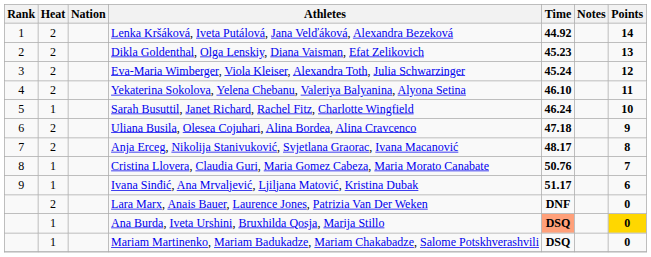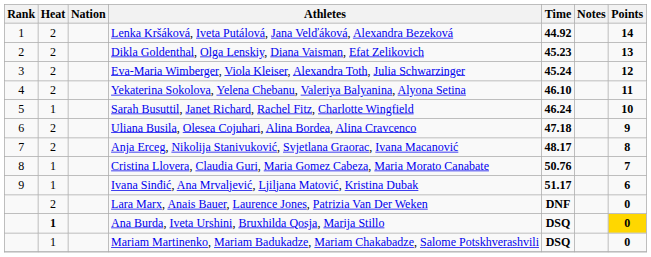 <table class="wikitable sortable" style="text-align:center">
 <tr>
 <th>Rank</th>
 <th>Heat</th>
 <th>Nation</th>
 <th>Athletes</th>
 <th>Time</th>
 <th>Notes</th>
 <th>Points</th>
 </tr>
 <tr>
 <td>1</td>
 <td>2</td>
 <td align=left></td>
 <td align=left><a href='#'>Lenka Kršáková</a>, <a href='#'>Iveta Putálová</a>, <a href='#'>Jana Velďáková</a>, <a href='#'>Alexandra Bezeková</a></td>
 <td><strong>44.92</strong></td>
 <td></td>
 <td><strong>14</strong></td>
 </tr>
 <tr>
 <td>2</td>
 <td>2</td>
 <td align=left></td>
 <td align=left><a href='#'>Dikla Goldenthal</a>, <a href='#'>Olga Lenskiy</a>, <a href='#'>Diana Vaisman</a>, <a href='#'>Efat Zelikovich</a></td>
 <td><strong>45.23</strong></td>
 <td></td>
 <td><strong>13</strong></td>
 </tr>
 <tr>
 <td>3</td>
 <td>2</td>
 <td align=left></td>
 <td align=left><a href='#'>Eva-Maria Wimberger</a>, <a href='#'>Viola Kleiser</a>, <a href='#'>Alexandra Toth</a>, <a href='#'>Julia Schwarzinger</a></td>
 <td><strong>45.24</strong></td>
 <td></td>
 <td><strong>12</strong></td>
 </tr>
 <tr>
 <td>4</td>
 <td>2</td>
 <td align=left></td>
 <td align=left><a href='#'>Yekaterina Sokolova</a>, <a href='#'>Yelena Chebanu</a>, <a href='#'>Valeriya Balyanina</a>, <a href='#'>Alyona Setina</a></td>
 <td><strong>46.10</strong></td>
 <td></td>
 <td><strong>11</strong></td>
 </tr>
 <tr>
 <td>5</td>
 <td>1</td>
 <td align=left></td>
 <td align=left><a href='#'>Sarah Busuttil</a>, <a href='#'>Janet Richard</a>, <a href='#'>Rachel Fitz</a>, <a href='#'>Charlotte Wingfield</a></td>
 <td><strong>46.24</strong></td>
 <td></td>
 <td><strong>10</strong></td>
 </tr>
 <tr>
 <td>6</td>
 <td>2</td>
 <td align=left></td>
 <td align=left><a href='#'>Uliana Busila</a>, <a href='#'>Olesea Cojuhari</a>, <a href='#'>Alina Bordea</a>, <a href='#'>Alina Cravcenco</a></td>
 <td><strong>47.18</strong></td>
 <td></td>
 <td><strong>9</strong></td>
 </tr>
 <tr>
 <td>7</td>
 <td>2</td>
 <td align=left></td>
 <td align=left><a href='#'>Anja Erceg</a>, <a href='#'>Nikolija Stanivuković</a>, <a href='#'>Svjetlana Graorac</a>, <a href='#'>Ivana Macanović</a></td>
 <td><strong>48.17</strong></td>
 <td></td>
 <td><strong>8</strong></td>
 </tr>
 <tr>
 <td>8</td>
 <td>1</td>
 <td align=left></td>
 <td align=left><a href='#'>Cristina Llovera</a>, <a href='#'>Claudia Guri</a>, <a href='#'>Maria Gomez Cabeza</a>, <a href='#'>Maria Morato Canabate</a></td>
 <td><strong>50.76</strong></td>
 <td></td>
 <td><strong>7</strong></td>
 </tr>
 <tr>
 <td>9</td>
 <td>1</td>
 <td align=left></td>
 <td align=left><a href='#'>Ivana Sinđić</a>, <a href='#'>Ana Mrvaljević</a>, <a href='#'>Ljiljana Matović</a>, <a href='#'>Kristina Dubak</a></td>
 <td><strong>51.17</strong></td>
 <td></td>
 <td><strong>6</strong></td>
 </tr>
 <tr>
 <td></td>
 <td>2</td>
 <td align=left></td>
 <td align=left><a href='#'>Lara Marx</a>, <a href='#'>Anais Bauer</a>, <a href='#'>Laurence Jones</a>, <a href='#'>Patrizia Van Der Weken</a></td>
 <td><strong>DNF</strong></td>
 <td></td>
 <td><strong>0</strong></td>
 </tr>
 <tr>
 <td></td>
-<td>1</td>
+<td><strong>1</strong></td>
 <td align=left></td>
 <td align=left><a href='#'>Ana Burda</a>, <a href='#'>Iveta Urshini</a>, <a href='#'>Bruxhilda Qosja</a>, <a href='#'>Marija Stillo</a></td>
-<td style="background: lightsalmon;"><strong>DSQ </strong></td>
+<td><strong>DSQ </strong></td>
 <td></td>
 <td style="background: gold;"><strong>0</strong></td>
 </tr>
 <tr>
 <td></td>
 <td>1</td>
 <td align=left></td>
 <td align=left><a href='#'>Mariam Martinenko</a>, <a href='#'>Mariam Badukadze</a>, <a href='#'>Mariam Chakabadze</a>, <a href='#'>Salome Potskhverashvili</a></td>
 <td><strong>DSQ</strong></td>
 <td></td>
 <td><strong>0</strong></td>
 </tr>
 <tr>
 </tr>
 </table>
